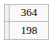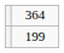 <table class="wikitable">
 <tr>
 <th></th>
 <td style="padding-left: 1em; padding-right: 1em">364</td>
 </tr>
 <tr>
 <th></th>
-<td style="padding-left: 1em; padding-right: 1em">198</td>
+<td style="padding-left: 1em; padding-right: 1em">199</td>
 </tr>
 </table>
